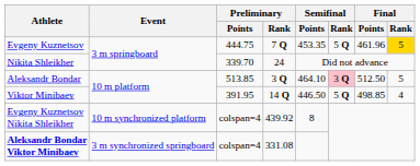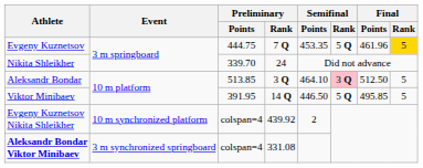 <table class=wikitable style="text-align:center; font-size:90%">
 <tr>
 <th rowspan=2>Athlete</th>
 <th rowspan=2>Event</th>
 <th colspan=2>Preliminary</th>
 <th colspan=2>Semifinal</th>
 <th colspan=2>Final</th>
 </tr>
 <tr style="font-size:95%">
 <th>Points</th>
 <th>Rank</th>
 <th>Points</th>
 <th>Rank</th>
 <th>Points</th>
 <th>Rank</th>
 </tr>
 <tr>
 <td align=left><a href='#'>Evgeny Kuznetsov</a></td>
 <td align=left rowspan=2><a href='#'>3 m springboard</a></td>
 <td>444.75</td>
 <td>7 <strong>Q</strong></td>
 <td>453.35</td>
 <td>5 <strong>Q</strong></td>
 <td>461.96</td>
 <td style="background: gold;">5</td>
 </tr>
 <tr>
 <td align=left><a href='#'>Nikita Shleikher</a></td>
 <td>339.70</td>
 <td>24</td>
 <td colspan=4>Did not advance</td>
 </tr>
 <tr>
 <td align=left><a href='#'>Aleksandr Bondar</a></td>
 <td align=left rowspan=2><a href='#'>10 m platform</a></td>
 <td>513.85</td>
 <td>3 <strong>Q</strong></td>
 <td>464.10</td>
 <td style="background: pink;">3 <strong>Q</strong></td>
 <td>512.50</td>
 <td>5</td>
 </tr>
 <tr>
 <td align=left><a href='#'>Viktor Minibaev</a></td>
 <td>391.95</td>
 <td>14 <strong>Q</strong></td>
 <td>446.50</td>
 <td>5 <strong>Q</strong></td>
-<td>498.85</td>
-<td>4</td>
+<td>495.85</td>
+<td>5</td>
 </tr>
 <tr>
 <td align=left><a href='#'>Evgeny Kuznetsov</a><br><a href='#'>Nikita Shleikher</a></td>
 <td align=left><a href='#'>10 m synchronized platform</a></td>
 <td>colspan=4 </td>
 <td>439.92</td>
-<td>8</td>
+<td>2</td>
 </tr>
 <tr>
 <td align=left><strong><a href='#'>Aleksandr Bondar</a><br><a href='#'>Viktor Minibaev</a></strong></td>
 <td align=left><a href='#'>3 m synchronized springboard</a></td>
 <td>colspan=4 </td>
 <td>331.08</td>
 <td></td>
 </tr>
 </table>
